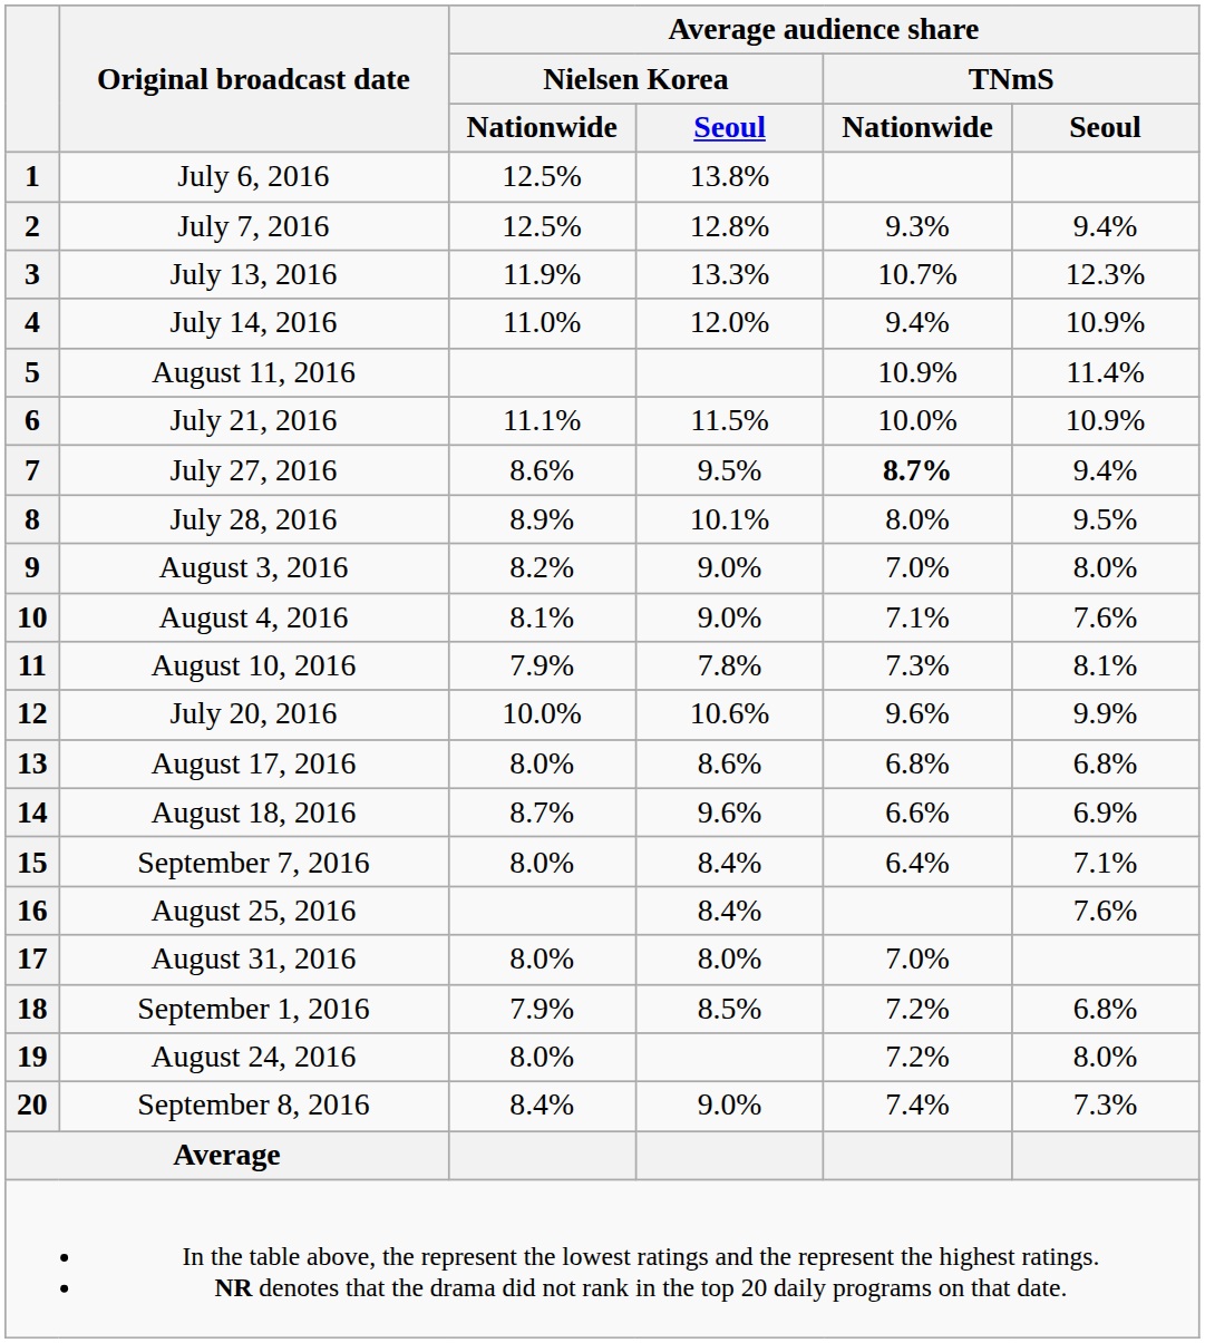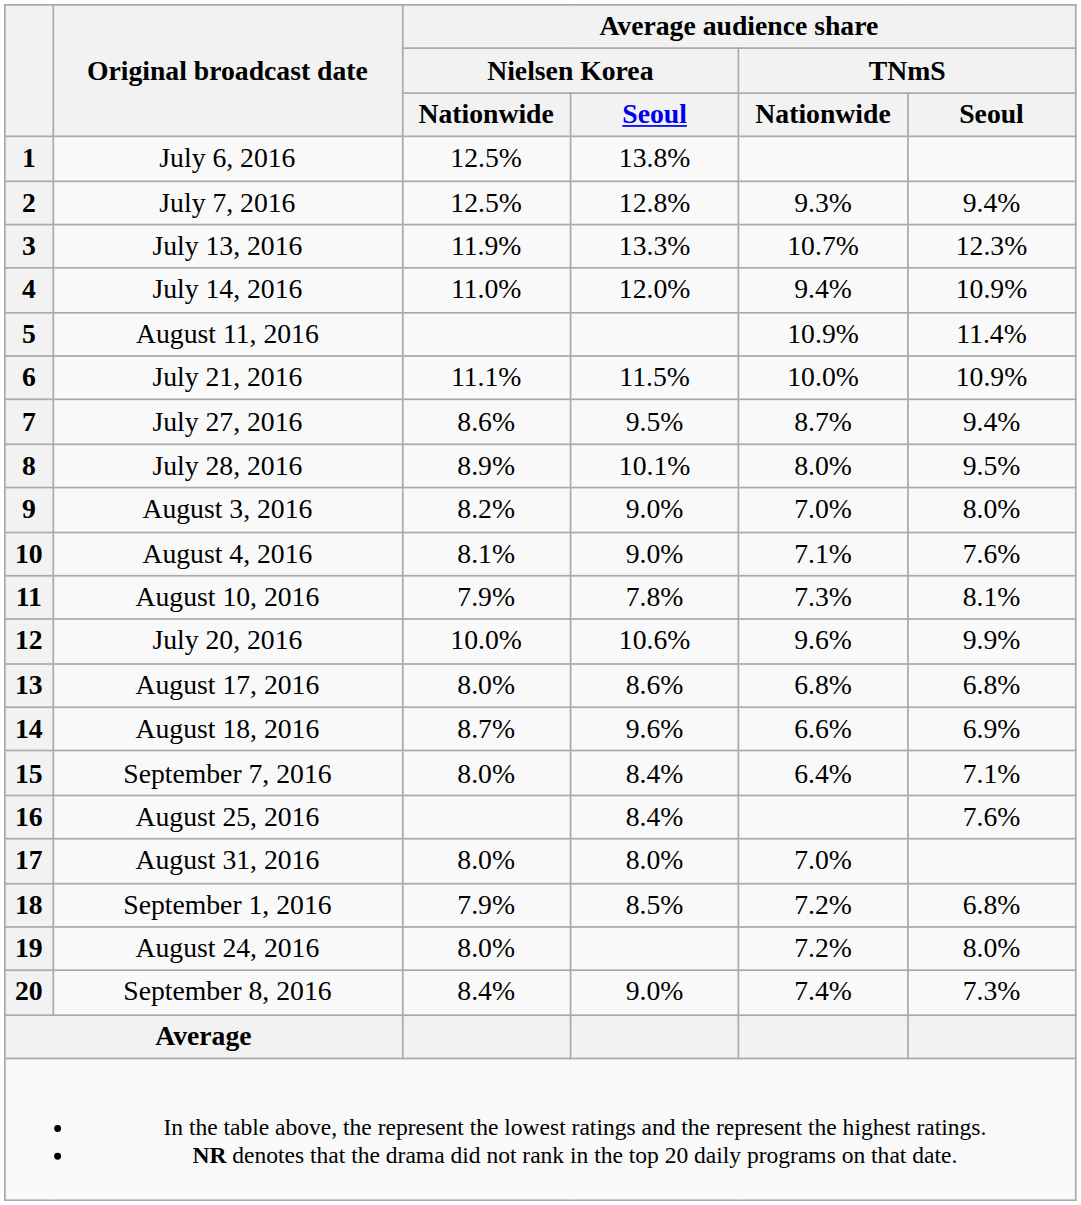 <table class=wikitable style="text-align:center; width:620px">
 <tr>
 <th rowspan="3"></th>
 <th rowspan="3">Original broadcast date</th>
 <th colspan="4">Average audience share</th>
 </tr>
 <tr>
 <th colspan="2">Nielsen Korea</th>
 <th colspan="2">TNmS</th>
 </tr>
 <tr>
 <th width="90">Nationwide</th>
 <th width="90"><a href='#'>Seoul</a></th>
 <th width="90">Nationwide</th>
 <th width="90">Seoul</th>
 </tr>
 <tr>
 <th>1</th>
 <td>July 6, 2016</td>
 <td>12.5% </td>
 <td>13.8% </td>
 <td><strong></strong> </td>
 <td><strong></strong> </td>
 </tr>
 <tr>
 <th>2</th>
 <td>July 7, 2016</td>
 <td>12.5% </td>
 <td>12.8% </td>
 <td>9.3% </td>
 <td>9.4% </td>
 </tr>
 <tr>
 <th>3</th>
 <td>July 13, 2016</td>
 <td>11.9% </td>
 <td>13.3% </td>
 <td>10.7% </td>
 <td>12.3% </td>
 </tr>
 <tr>
 <th>4</th>
 <td>July 14, 2016</td>
 <td>11.0% </td>
 <td>12.0% </td>
 <td>9.4% </td>
 <td>10.9% </td>
 </tr>
 <tr>
 <th>5</th>
 <td>August 11, 2016</td>
 <td><strong></strong> </td>
 <td><strong></strong> </td>
 <td>10.9% </td>
 <td>11.4% </td>
 </tr>
 <tr>
 <th>6</th>
 <td>July 21, 2016</td>
 <td>11.1% </td>
 <td>11.5% </td>
 <td>10.0% </td>
 <td>10.9% </td>
 </tr>
 <tr>
 <th>7</th>
 <td>July 27, 2016</td>
 <td>8.6% </td>
 <td>9.5% </td>
-<td><strong>8.7% </strong></td>
+<td>8.7% </td>
 <td>9.4% </td>
 </tr>
 <tr>
 <th>8</th>
 <td>July 28, 2016</td>
 <td>8.9% </td>
 <td>10.1% </td>
 <td>8.0% </td>
 <td>9.5% </td>
 </tr>
 <tr>
 <th>9</th>
 <td>August 3, 2016</td>
 <td>8.2% </td>
 <td>9.0% </td>
 <td>7.0% </td>
 <td>8.0% </td>
 </tr>
 <tr>
 <th>10</th>
 <td>August 4, 2016</td>
 <td>8.1% </td>
 <td>9.0% </td>
 <td>7.1% </td>
 <td>7.6% </td>
 </tr>
 <tr>
 <th>11</th>
 <td>August 10, 2016</td>
 <td>7.9% </td>
 <td>7.8% </td>
 <td>7.3% </td>
 <td>8.1% </td>
 </tr>
 <tr>
 <th>12</th>
 <td>July 20, 2016</td>
 <td>10.0% </td>
 <td>10.6% </td>
 <td>9.6% </td>
 <td>9.9% </td>
 </tr>
 <tr>
 <th>13</th>
 <td>August 17, 2016</td>
 <td>8.0% </td>
 <td>8.6% </td>
 <td>6.8% </td>
 <td>6.8% </td>
 </tr>
 <tr>
 <th>14</th>
 <td>August 18, 2016</td>
 <td>8.7% </td>
 <td>9.6% </td>
 <td>6.6% </td>
 <td>6.9% </td>
 </tr>
 <tr>
 <th>15</th>
 <td>September 7, 2016</td>
 <td>8.0% </td>
 <td>8.4% </td>
 <td>6.4% </td>
 <td>7.1% </td>
 </tr>
 <tr>
 <th>16</th>
 <td>August 25, 2016</td>
 <td><strong></strong> </td>
 <td>8.4% </td>
 <td><strong></strong> </td>
 <td>7.6% </td>
 </tr>
 <tr>
 <th>17</th>
 <td>August 31, 2016</td>
 <td>8.0% </td>
 <td>8.0% </td>
 <td>7.0% </td>
 <td><strong></strong> </td>
 </tr>
 <tr>
 <th>18</th>
 <td>September 1, 2016</td>
 <td>7.9% </td>
 <td>8.5% </td>
 <td>7.2% </td>
 <td>6.8% </td>
 </tr>
 <tr>
 <th>19</th>
 <td>August 24, 2016</td>
 <td>8.0% </td>
 <td><strong></strong> </td>
 <td>7.2% </td>
 <td>8.0% </td>
 </tr>
 <tr>
 <th>20</th>
 <td>September 8, 2016</td>
 <td>8.4% </td>
 <td>9.0% </td>
 <td>7.4% </td>
 <td>7.3% </td>
 </tr>
 <tr>
 <th colspan="2">Average</th>
 <th></th>
 <th></th>
 <th></th>
 <th></th>
 </tr>
 <tr>
 <td colspan="6" style="font-size:85%"><br><ul><li>In the table above, the <strong></strong> represent the lowest ratings and the <strong></strong> represent the highest ratings.</li><li><strong>NR</strong> denotes that the drama did not rank in the top 20 daily programs on that date.</li></ul></td>
 </tr>
 </table>
